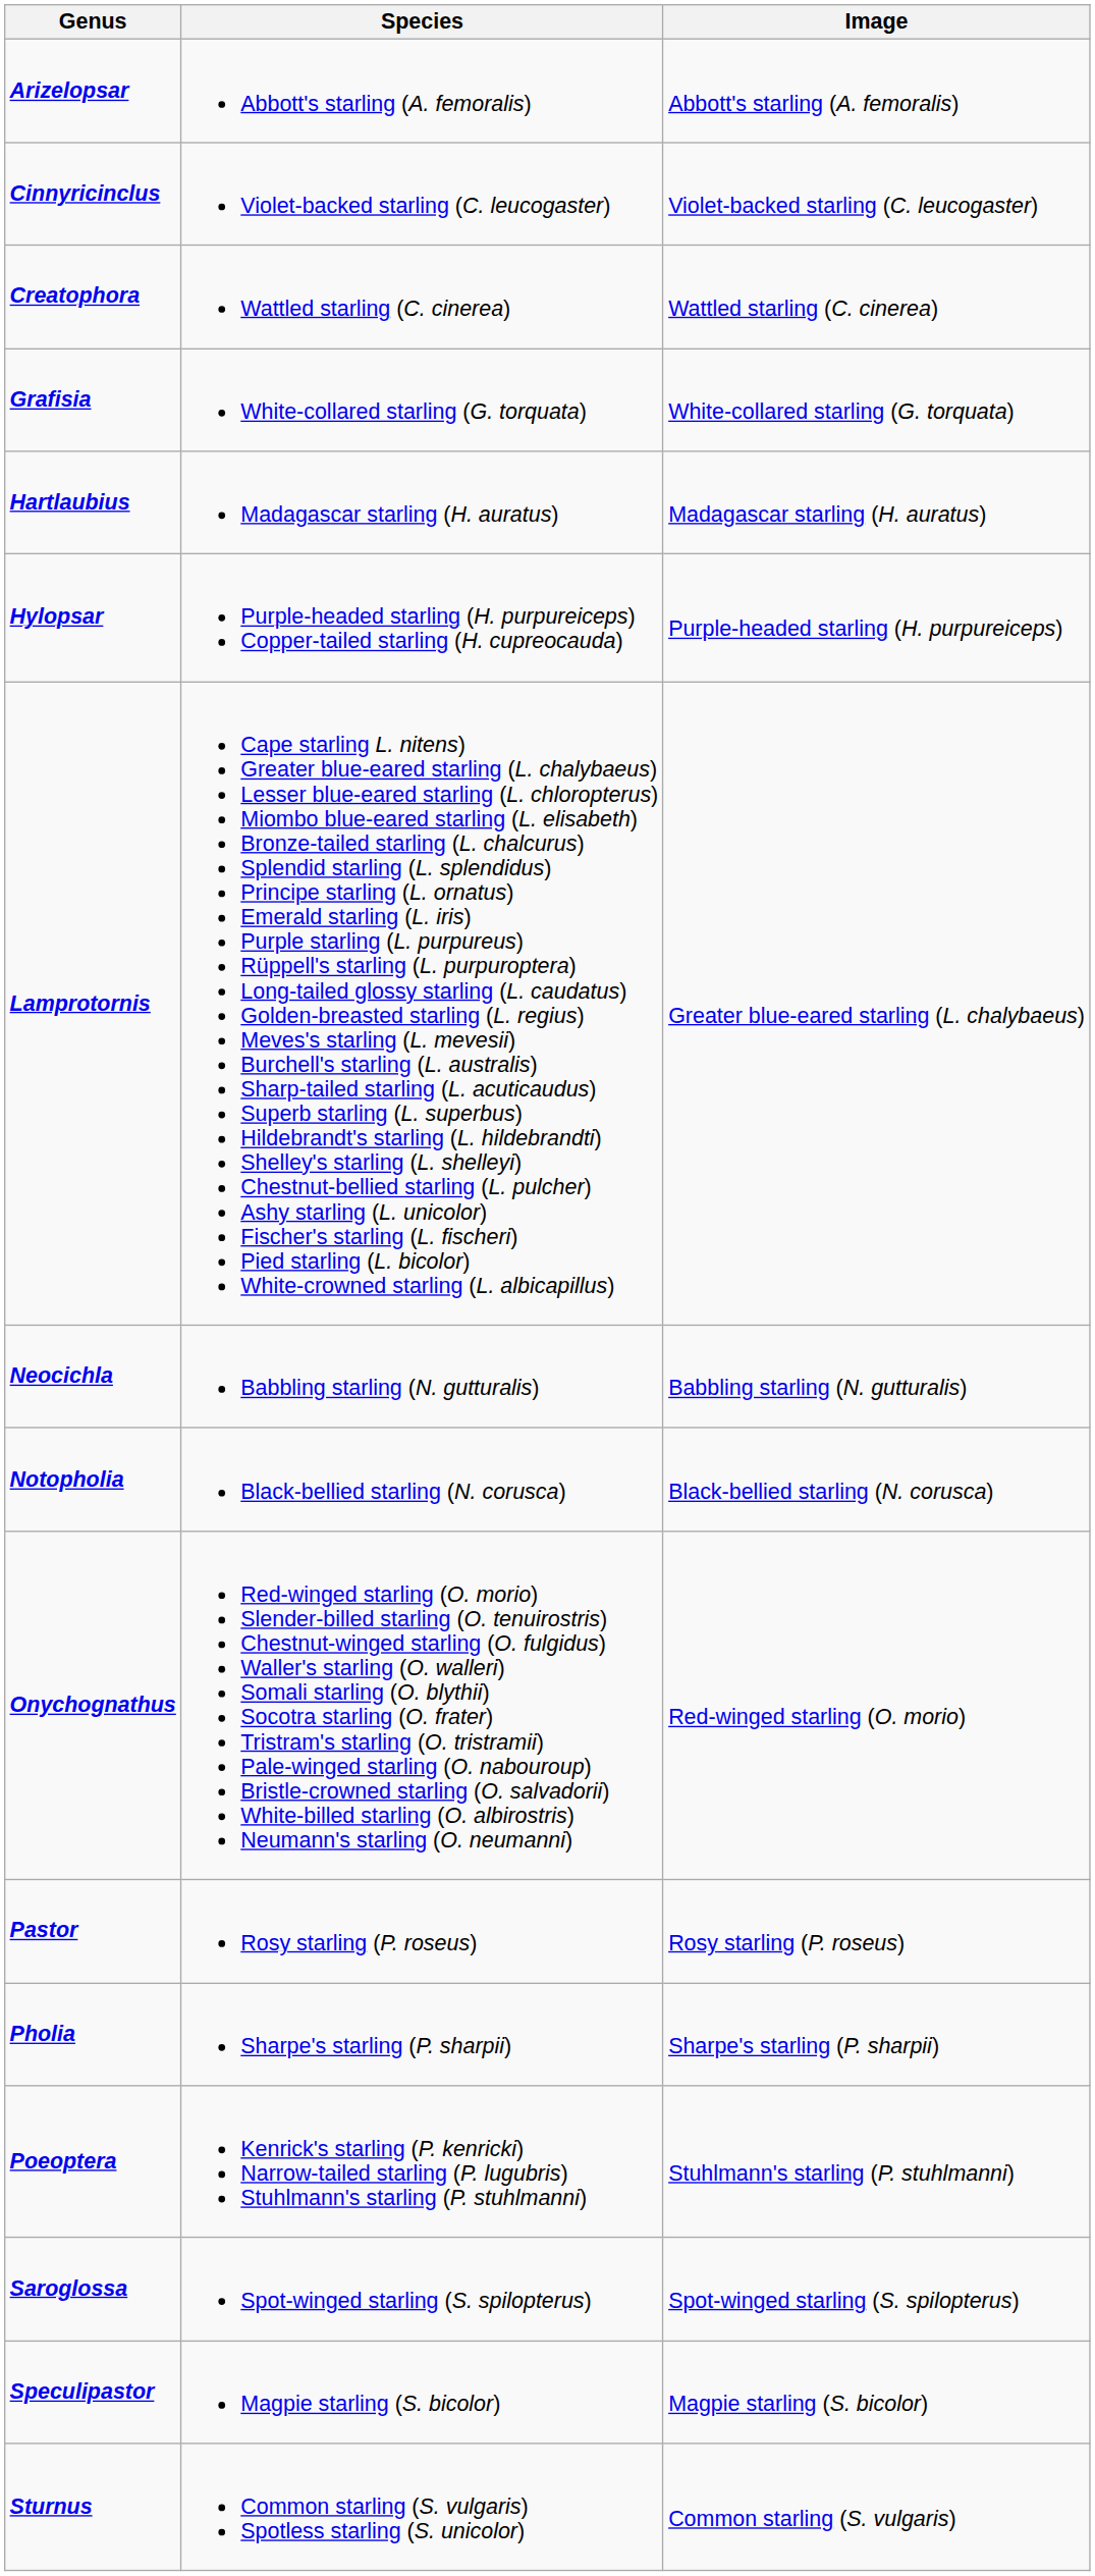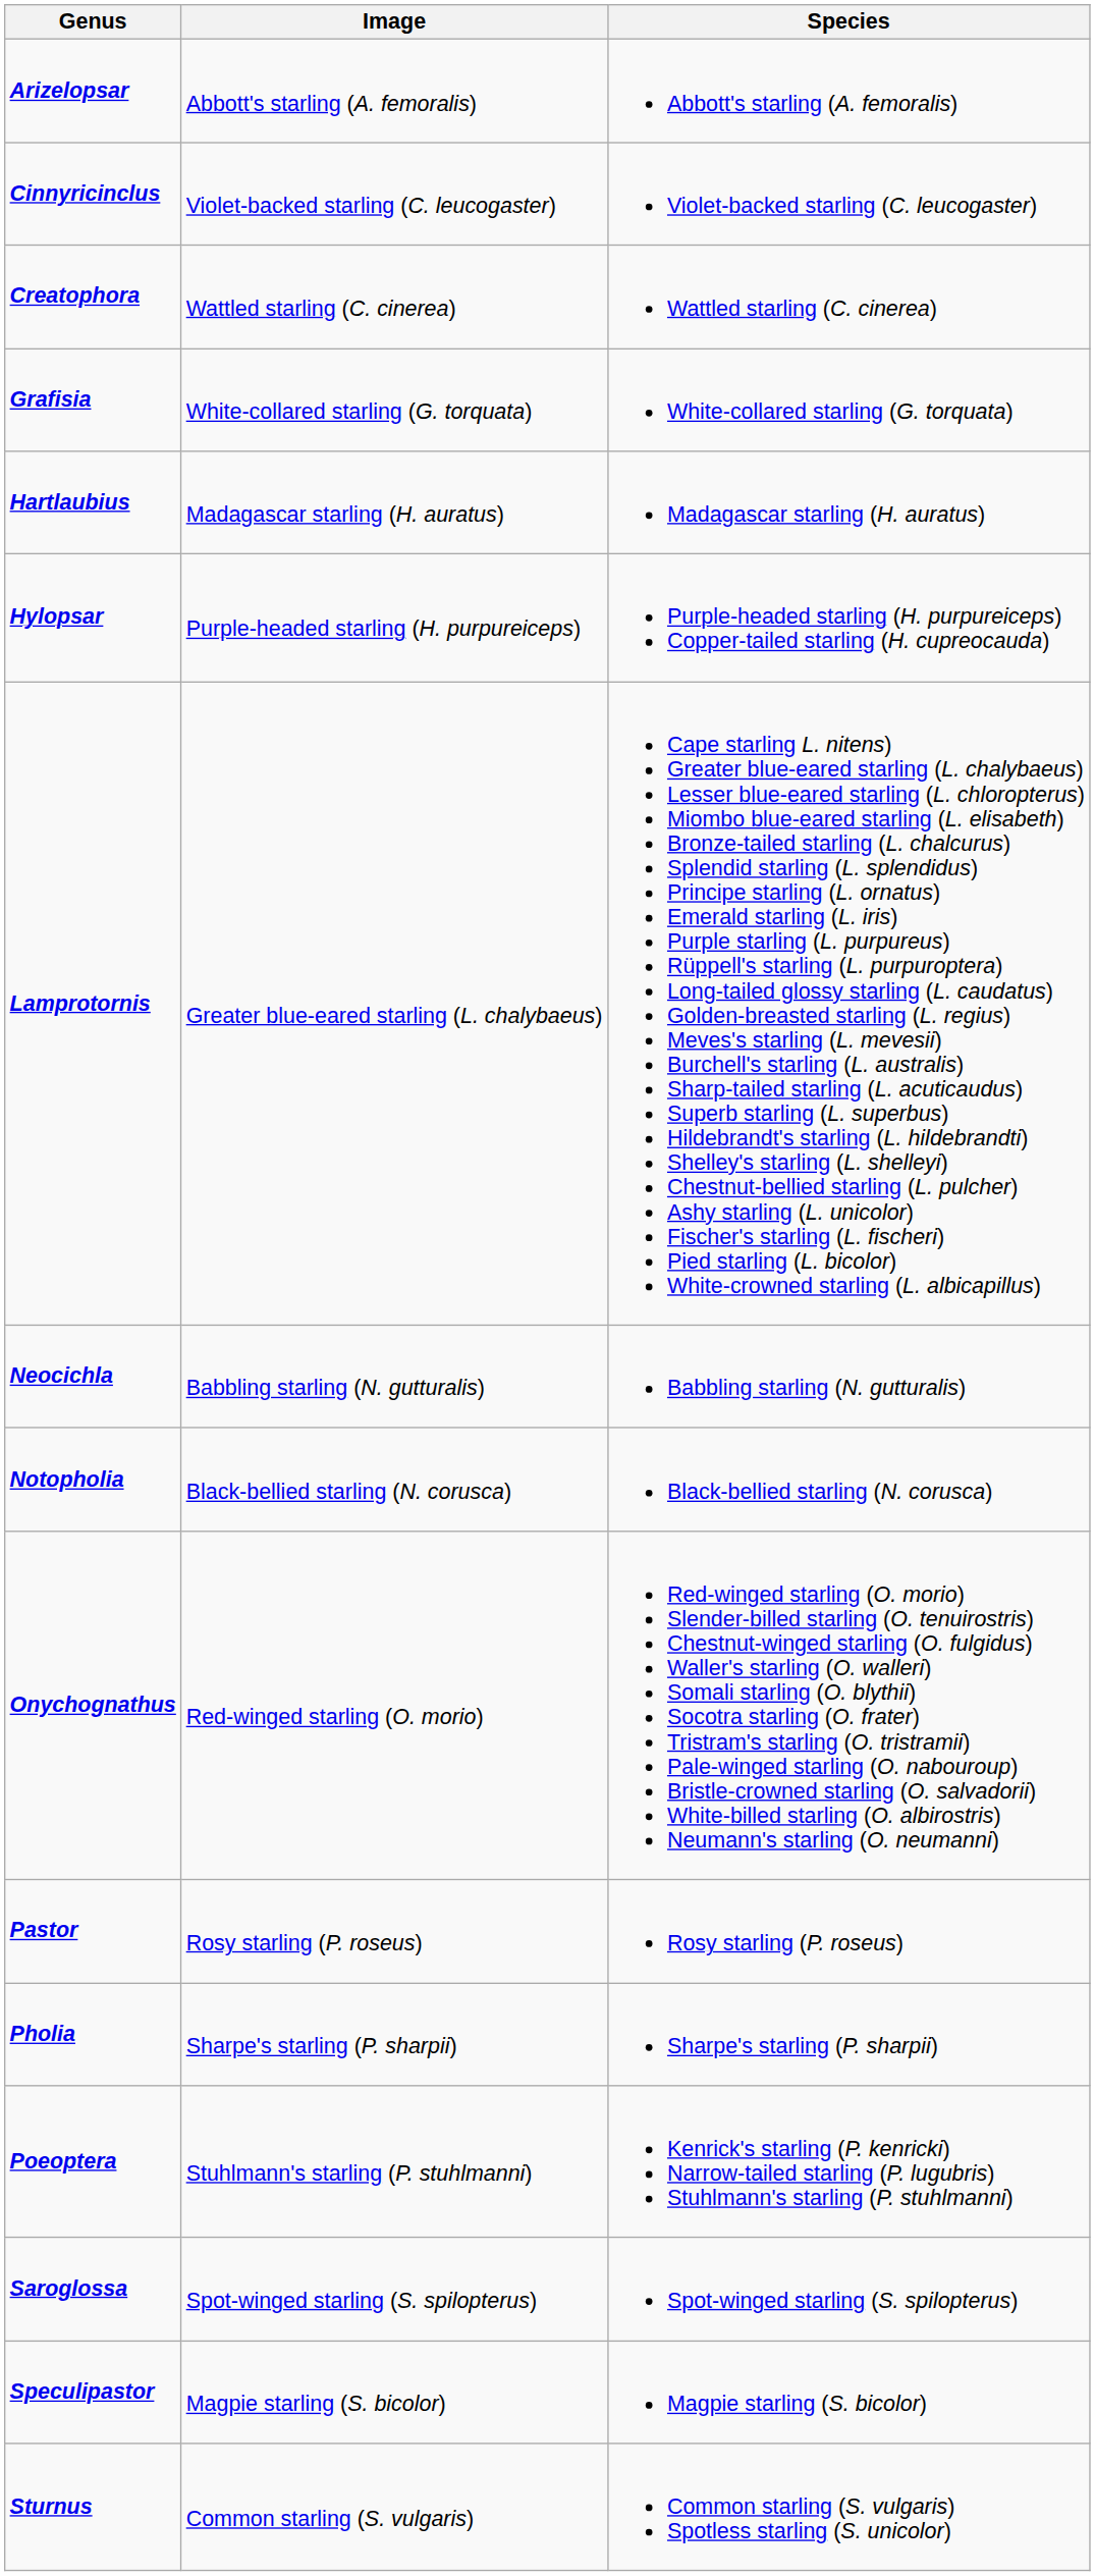 <table class="wikitable">
 <tr>
 <th>Genus</th>
+<th>Image</th>
 <th>Species</th>
-<th>Image</th>
 </tr>
 <tr>
 <td><strong><em><a href='#'>Arizelopsar</a></em></strong></td>
+<td><br><a href='#'>Abbott's starling</a>  (<em>A. femoralis</em>)</td>
 <td><br><ul><li><a href='#'>Abbott's starling</a> (<em>A. femoralis</em>)</li></ul></td>
-<td><br><a href='#'>Abbott's starling</a>  (<em>A. femoralis</em>)</td>
 </tr>
 <tr>
 <td><strong><em><a href='#'>Cinnyricinclus</a></em></strong></td>
+<td><br><a href='#'>Violet-backed starling</a>  (<em>C. leucogaster</em>)</td>
 <td><br><ul><li><a href='#'>Violet-backed starling</a> (<em>C. leucogaster</em>)</li></ul></td>
-<td><br><a href='#'>Violet-backed starling</a>  (<em>C. leucogaster</em>)</td>
 </tr>
 <tr>
 <td><strong><em><a href='#'>Creatophora</a></em></strong></td>
+<td><br><a href='#'>Wattled starling</a>  (<em>C. cinerea</em>)</td>
 <td><br><ul><li><a href='#'>Wattled starling</a> (<em>C. cinerea</em>)</li></ul></td>
-<td><br><a href='#'>Wattled starling</a>  (<em>C. cinerea</em>)</td>
 </tr>
 <tr>
 <td><strong><em><a href='#'>Grafisia</a></em></strong></td>
+<td><br><a href='#'>White-collared starling</a>  (<em>G. torquata</em>)</td>
 <td><br><ul><li><a href='#'>White-collared starling</a> (<em>G. torquata</em>)</li></ul></td>
-<td><br><a href='#'>White-collared starling</a>  (<em>G. torquata</em>)</td>
 </tr>
 <tr>
 <td><strong><em><a href='#'>Hartlaubius</a></em></strong></td>
+<td><br><a href='#'>Madagascar starling</a>  (<em>H. auratus</em>)</td>
 <td><br><ul><li><a href='#'>Madagascar starling</a> (<em>H. auratus</em>)</li></ul></td>
-<td><br><a href='#'>Madagascar starling</a>  (<em>H. auratus</em>)</td>
 </tr>
 <tr>
 <td><strong><em><a href='#'>Hylopsar</a></em></strong></td>
+<td><br><a href='#'>Purple-headed starling</a>  (<em>H. purpureiceps</em>)</td>
 <td><br><ul><li><a href='#'>Purple-headed starling</a> (<em>H. purpureiceps</em>)</li><li><a href='#'>Copper-tailed starling</a> (<em>H. cupreocauda</em>)</li></ul></td>
-<td><br><a href='#'>Purple-headed starling</a>  (<em>H. purpureiceps</em>)</td>
 </tr>
 <tr>
 <td><strong><em><a href='#'>Lamprotornis</a></em></strong><br></td>
+<td><br><a href='#'>Greater blue-eared starling</a>  (<em>L. chalybaeus</em>)</td>
 <td><br><ul><li><a href='#'>Cape starling</a> <em>L. nitens</em>)</li><li><a href='#'>Greater blue-eared starling</a> (<em>L. chalybaeus</em>)</li><li><a href='#'>Lesser blue-eared starling</a> (<em>L. chloropterus</em>)</li><li><a href='#'>Miombo blue-eared starling</a> (<em>L. elisabeth</em>)</li><li><a href='#'>Bronze-tailed starling</a> (<em>L. chalcurus</em>)</li><li><a href='#'>Splendid starling</a> (<em>L. splendidus</em>)</li><li><a href='#'>Principe starling</a> (<em>L. ornatus</em>)</li><li><a href='#'>Emerald starling</a> (<em>L. iris</em>)</li><li><a href='#'>Purple starling</a> (<em>L. purpureus</em>)</li><li><a href='#'>Rüppell's starling</a> (<em>L. purpuroptera</em>)</li><li><a href='#'>Long-tailed glossy starling</a> (<em>L. caudatus</em>)</li><li><a href='#'>Golden-breasted starling</a> (<em>L. regius</em>)</li><li><a href='#'>Meves's starling</a> (<em>L. mevesii</em>)</li><li><a href='#'>Burchell's starling</a> (<em>L. australis</em>)</li><li><a href='#'>Sharp-tailed starling</a> (<em>L. acuticaudus</em>)</li><li><a href='#'>Superb starling</a> (<em>L. superbus</em>)</li><li><a href='#'>Hildebrandt's starling</a> (<em>L. hildebrandti</em>)</li><li><a href='#'>Shelley's starling</a> (<em>L. shelleyi</em>)</li><li><a href='#'>Chestnut-bellied starling</a> (<em>L. pulcher</em>)</li><li><a href='#'>Ashy starling</a> (<em>L. unicolor</em>)</li><li><a href='#'>Fischer's starling</a> (<em>L. fischeri</em>)</li><li><a href='#'>Pied starling</a> (<em>L. bicolor</em>)</li><li><a href='#'>White-crowned starling</a> (<em>L. albicapillus</em>)</li></ul></td>
-<td><br><a href='#'>Greater blue-eared starling</a>  (<em>L. chalybaeus</em>)</td>
 </tr>
 <tr>
 <td><strong><em><a href='#'>Neocichla</a></em></strong></td>
+<td><br><a href='#'>Babbling starling</a>  (<em>N. gutturalis</em>)</td>
 <td><br><ul><li><a href='#'>Babbling starling</a> (<em>N. gutturalis</em>)</li></ul></td>
-<td><br><a href='#'>Babbling starling</a>  (<em>N. gutturalis</em>)</td>
 </tr>
 <tr>
 <td><strong><em><a href='#'>Notopholia</a></em></strong></td>
+<td><br><a href='#'>Black-bellied starling</a>  (<em>N. corusca</em>)</td>
 <td><br><ul><li><a href='#'>Black-bellied starling</a> (<em>N. corusca</em>)</li></ul></td>
-<td><br><a href='#'>Black-bellied starling</a>  (<em>N. corusca</em>)</td>
 </tr>
 <tr>
 <td><strong><em><a href='#'>Onychognathus</a></em></strong></td>
+<td><br><a href='#'>Red-winged starling</a>  (<em>O. morio</em>)</td>
 <td><br><ul><li><a href='#'>Red-winged starling</a> (<em>O. morio</em>)</li><li><a href='#'>Slender-billed starling</a> (<em>O. tenuirostris</em>)</li><li><a href='#'>Chestnut-winged starling</a> (<em>O. fulgidus</em>)</li><li><a href='#'>Waller's starling</a> (<em>O. walleri</em>)</li><li><a href='#'>Somali starling</a> (<em>O. blythii</em>)</li><li><a href='#'>Socotra starling</a> (<em>O. frater</em>)</li><li><a href='#'>Tristram's starling</a> (<em>O. tristramii</em>)</li><li><a href='#'>Pale-winged starling</a> (<em>O. nabouroup</em>)</li><li><a href='#'>Bristle-crowned starling</a> (<em>O. salvadorii</em>)</li><li><a href='#'>White-billed starling</a> (<em>O. albirostris</em>)</li><li><a href='#'>Neumann's starling</a> (<em>O. neumanni</em>)</li></ul></td>
-<td><br><a href='#'>Red-winged starling</a>  (<em>O. morio</em>)</td>
 </tr>
 <tr>
 <td><strong><em><a href='#'>Pastor</a></em></strong></td>
+<td><br><a href='#'>Rosy starling</a>  (<em>P. roseus</em>)</td>
 <td><br><ul><li><a href='#'>Rosy starling</a> (<em>P. roseus</em>)</li></ul></td>
-<td><br><a href='#'>Rosy starling</a>  (<em>P. roseus</em>)</td>
 </tr>
 <tr>
 <td><strong><em><a href='#'>Pholia</a></em></strong></td>
+<td><br><a href='#'>Sharpe's starling</a>  (<em>P. sharpii</em>)</td>
 <td><br><ul><li><a href='#'>Sharpe's starling</a> (<em>P. sharpii</em>)</li></ul></td>
-<td><br><a href='#'>Sharpe's starling</a>  (<em>P. sharpii</em>)</td>
 </tr>
 <tr>
 <td><strong><em><a href='#'>Poeoptera</a></em></strong></td>
+<td><br><a href='#'>Stuhlmann's starling</a>  (<em>P. stuhlmanni</em>)</td>
 <td><br><ul><li><a href='#'>Kenrick's starling</a> (<em>P. kenricki</em>)</li><li><a href='#'>Narrow-tailed starling</a> (<em>P. lugubris</em>)</li><li><a href='#'>Stuhlmann's starling</a> (<em>P. stuhlmanni</em>)</li></ul></td>
-<td><br><a href='#'>Stuhlmann's starling</a>  (<em>P. stuhlmanni</em>)</td>
 </tr>
 <tr>
 <td><strong><em><a href='#'>Saroglossa</a></em></strong></td>
+<td><br><a href='#'>Spot-winged starling</a>  (<em>S. spilopterus</em>)</td>
 <td><br><ul><li><a href='#'>Spot-winged starling</a> (<em>S. spilopterus</em>)</li></ul></td>
-<td><br><a href='#'>Spot-winged starling</a>  (<em>S. spilopterus</em>)</td>
 </tr>
 <tr>
 <td><strong><em><a href='#'>Speculipastor</a></em></strong></td>
+<td><br><a href='#'>Magpie starling</a>  (<em>S. bicolor</em>)</td>
 <td><br><ul><li><a href='#'>Magpie starling</a> (<em>S. bicolor</em>)</li></ul></td>
-<td><br><a href='#'>Magpie starling</a>  (<em>S. bicolor</em>)</td>
 </tr>
 <tr>
 <td><strong><em><a href='#'>Sturnus</a></em></strong></td>
+<td><br><a href='#'>Common starling</a>  (<em>S. vulgaris</em>)</td>
 <td><br><ul><li><a href='#'>Common starling</a> (<em>S. vulgaris</em>)</li><li><a href='#'>Spotless starling</a> (<em>S. unicolor</em>)</li></ul></td>
-<td><br><a href='#'>Common starling</a>  (<em>S. vulgaris</em>)</td>
 </tr>
 </table>
